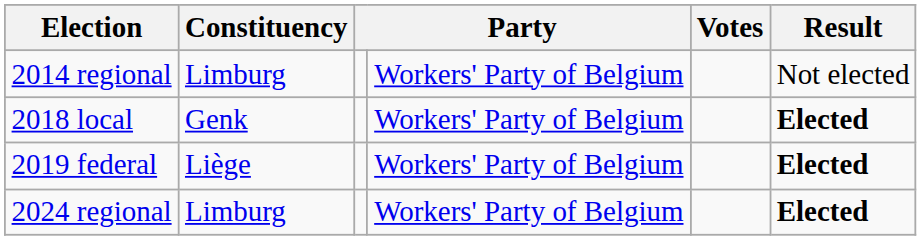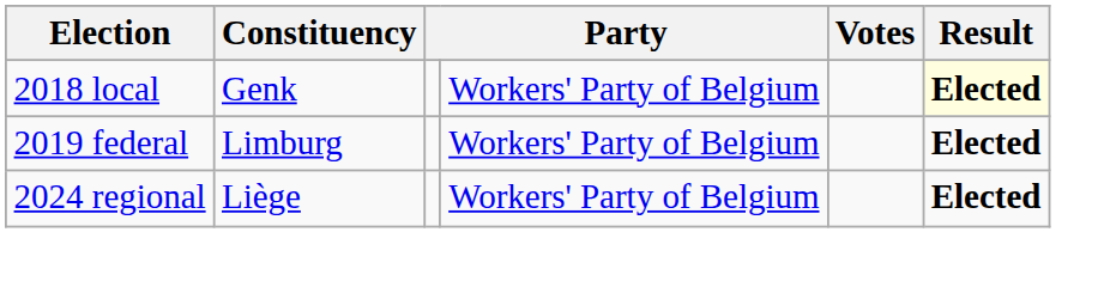 <table class="wikitable" style="text-align:left;">
 <tr>
 <th scope=col>Election</th>
 <th scope=col>Constituency</th>
 <th scope=col colspan="2">Party</th>
 <th scope=col>Votes</th>
 <th scope=col>Result</th>
 </tr>
 <tr>
-<td><a href='#'>2014 regional</a></td>
-<td><a href='#'>Limburg</a></td>
-<td style="background:"></td>
-<td><a href='#'>Workers' Party of Belgium</a></td>
-<td align=right></td>
-<td>Not elected</td>
-</tr>
-<tr>
 <td><a href='#'>2018 local</a></td>
 <td><a href='#'>Genk</a></td>
 <td style="background:"></td>
 <td><a href='#'>Workers' Party of Belgium</a></td>
 <td align=right></td>
-<td><strong>Elected</strong></td>
+<td style="background: lightyellow;"><strong>Elected</strong></td>
 </tr>
 <tr>
 <td><a href='#'>2019 federal</a></td>
-<td><a href='#'>Liège</a></td>
+<td><a href='#'>Limburg</a></td>
 <td style="background:"></td>
 <td><a href='#'>Workers' Party of Belgium</a></td>
 <td align=right></td>
 <td><strong>Elected</strong></td>
 </tr>
 <tr>
 <td><a href='#'>2024 regional</a></td>
-<td><a href='#'>Limburg</a></td>
+<td><a href='#'>Liège</a></td>
 <td style="background:"></td>
 <td><a href='#'>Workers' Party of Belgium</a></td>
 <td align=right></td>
 <td><strong>Elected</strong></td>
 </tr>
 </table>
